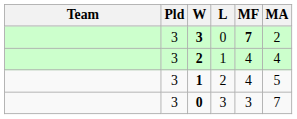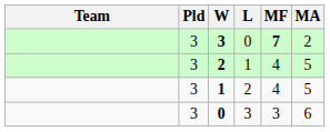 <table class=wikitable style="text-align:center">
 <tr>
 <th width=175>Team</th>
 <th width=20>Pld</th>
 <th width=20>W</th>
 <th width=20>L</th>
 <th width=20>MF</th>
 <th width=20>MA</th>
 </tr>
 <tr bgcolor=ccffcc>
 <td style="text-align:left"></td>
 <td>3</td>
 <td><strong>3</strong></td>
 <td>0</td>
 <td><strong>7</strong></td>
 <td>2</td>
 </tr>
 <tr bgcolor=ccffcc>
 <td style="text-align:left"></td>
 <td>3</td>
 <td><strong>2</strong></td>
 <td>1</td>
 <td>4</td>
-<td>4</td>
+<td>5</td>
 </tr>
 <tr>
 <td style="text-align:left"></td>
 <td>3</td>
 <td><strong>1</strong></td>
 <td>2</td>
 <td>4</td>
 <td>5</td>
 </tr>
 <tr>
 <td style="text-align:left"></td>
 <td>3</td>
 <td><strong>0</strong></td>
 <td>3</td>
 <td>3</td>
-<td>7</td>
+<td>6</td>
 </tr>
 </table>
